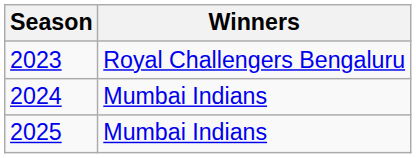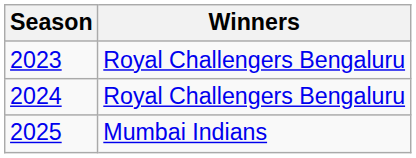 <table class="wikitable floatright" style=“text-align:center; font-size:85%">
 <tr>
 <th>Season</th>
 <th>Winners</th>
 </tr>
 <tr>
 <td><a href='#'>2023</a></td>
 <td style="text-align:left"><a href='#'>Royal Challengers Bengaluru</a></td>
 </tr>
 <tr>
 <td><a href='#'>2024</a></td>
-<td style="text-align:left"><a href='#'>Mumbai Indians</a></td>
+<td style="text-align:left"><a href='#'>Royal Challengers Bengaluru</a></td>
 </tr>
 <tr>
 <td><a href='#'>2025</a></td>
 <td style="text-align:left"><a href='#'>Mumbai Indians</a></td>
 </tr>
 </table>
